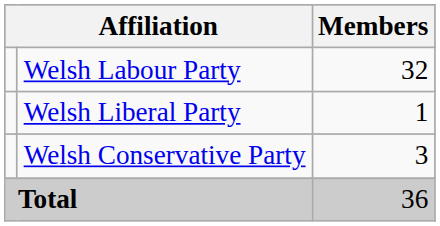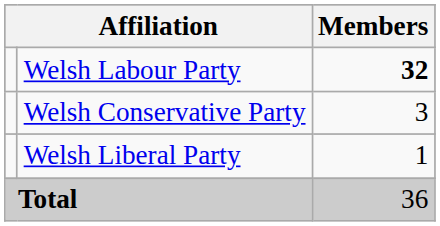 <table class="wikitable">
 <tr>
 <th colspan="2">Affiliation</th>
 <th>Members</th>
 </tr>
 <tr>
 <td style="color:inherit;background:"></td>
 <td><a href='#'>Welsh Labour Party</a></td>
-<td style="text-align:right;">32</td>
+<td style="text-align:right;"><strong>32</strong></td>
+</tr>
+<tr>
+<td style="color:inherit;background:"></td>
+<td><a href='#'>Welsh Conservative Party</a></td>
+<td style="text-align:right;">3</td>
 </tr>
 <tr>
 <td style="color:inherit;background:"></td>
 <td><a href='#'>Welsh Liberal Party</a></td>
 <td style="text-align:right;">1</td>
 </tr>
-<tr>
-<td style="color:inherit;background:"></td>
-<td><a href='#'>Welsh Conservative Party</a></td>
-<td style="text-align:right;">3</td>
-</tr>
 <tr style="background:#ccc;">
 <td colspan="2"> <strong>Total</strong></td>
 <td style="text-align:right;">36</td>
 </tr>
 </table>
